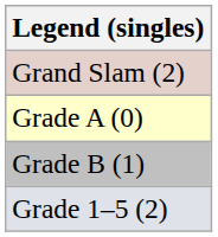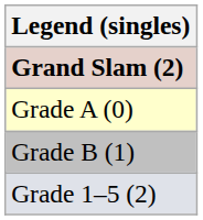 <table class=wikitable style=font-size:97%>
 <tr>
 <th>Legend (singles)</th>
 </tr>
 <tr style="background:#e5d1cb;">
-<td>Grand Slam (2)</td>
+<td><strong>Grand Slam (2)</strong></td>
 </tr>
 <tr style="background:#ffc;">
 <td>Grade A (0)</td>
 </tr>
 <tr style="background:silver;">
 <td>Grade B (1)</td>
 </tr>
 <tr style="background:#dfe2e9;">
 <td>Grade 1–5 (2)</td>
 </tr>
 </table>
